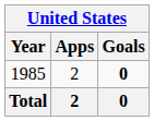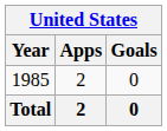 <table class="wikitable" style="text-align:center">
 <tr>
 <th colspan=3><a href='#'>United States</a></th>
 </tr>
 <tr>
 <th>Year</th>
 <th>Apps</th>
 <th>Goals</th>
 </tr>
 <tr>
 <td>1985</td>
 <td>2</td>
-<td><strong>0</strong></td>
+<td>0</td>
 </tr>
 <tr>
 <th>Total</th>
 <th>2</th>
 <th>0</th>
 </tr>
 </table>
